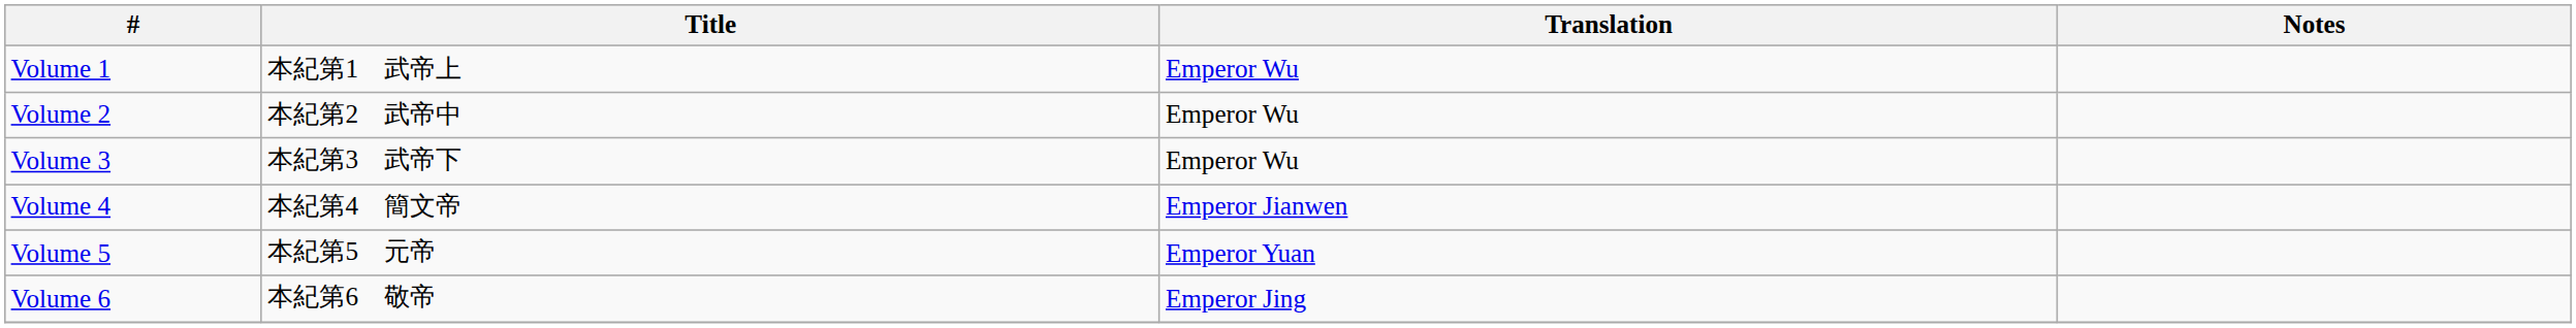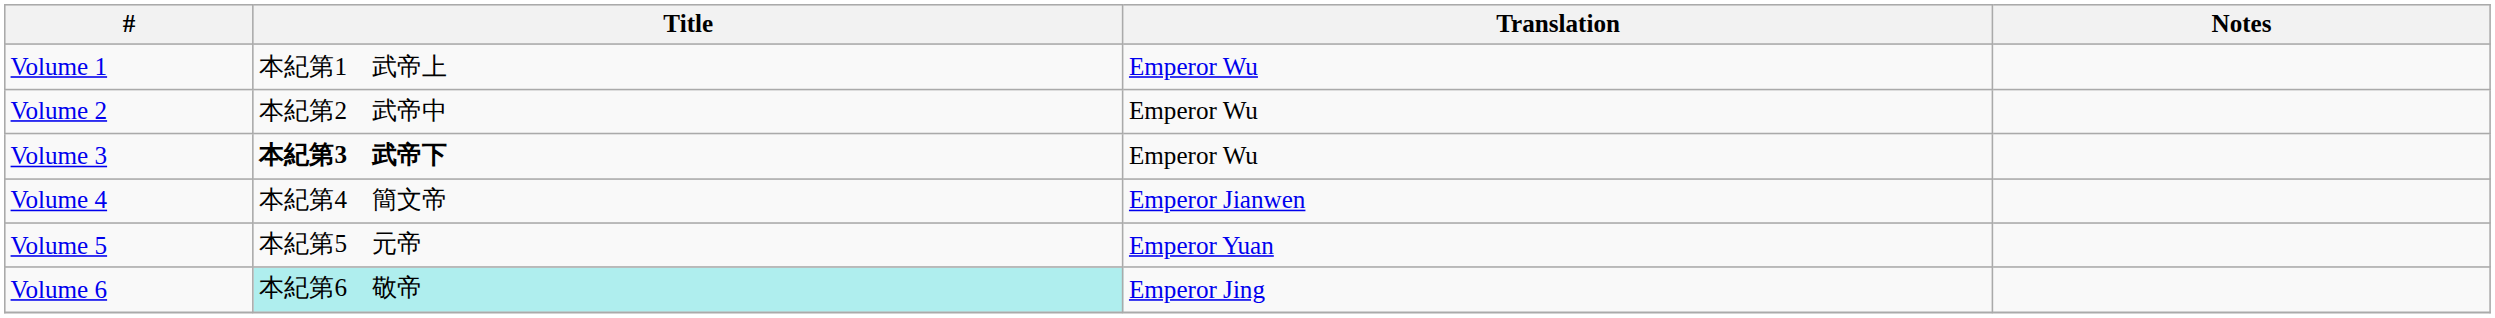 <table class=wikitable width=100%>
 <tr>
 <th width=10%>#</th>
 <th width=35%>Title</th>
 <th width=35%>Translation</th>
 <th width=20%>Notes</th>
 </tr>
 <tr>
 <td><a href='#'>Volume 1</a></td>
 <td>本紀第1　武帝上</td>
 <td><a href='#'>Emperor Wu</a></td>
 <td></td>
 </tr>
 <tr>
 <td><a href='#'>Volume 2</a></td>
 <td>本紀第2　武帝中</td>
 <td>Emperor Wu</td>
 <td></td>
 </tr>
 <tr>
 <td><a href='#'>Volume 3</a></td>
-<td>本紀第3　武帝下</td>
+<td><strong>本紀第3　武帝下</strong></td>
 <td>Emperor Wu</td>
 <td></td>
 </tr>
 <tr>
 <td><a href='#'>Volume 4</a></td>
 <td>本紀第4　簡文帝</td>
 <td><a href='#'>Emperor Jianwen</a></td>
 <td></td>
 </tr>
 <tr>
 <td><a href='#'>Volume 5</a></td>
 <td>本紀第5　元帝</td>
 <td><a href='#'>Emperor Yuan</a></td>
 <td></td>
 </tr>
 <tr>
 <td><a href='#'>Volume 6</a></td>
-<td>本紀第6　敬帝</td>
+<td style="background: paleturquoise;">本紀第6　敬帝</td>
 <td><a href='#'>Emperor Jing</a></td>
 <td></td>
 </tr>
 <tr>
 </tr>
 </table>
